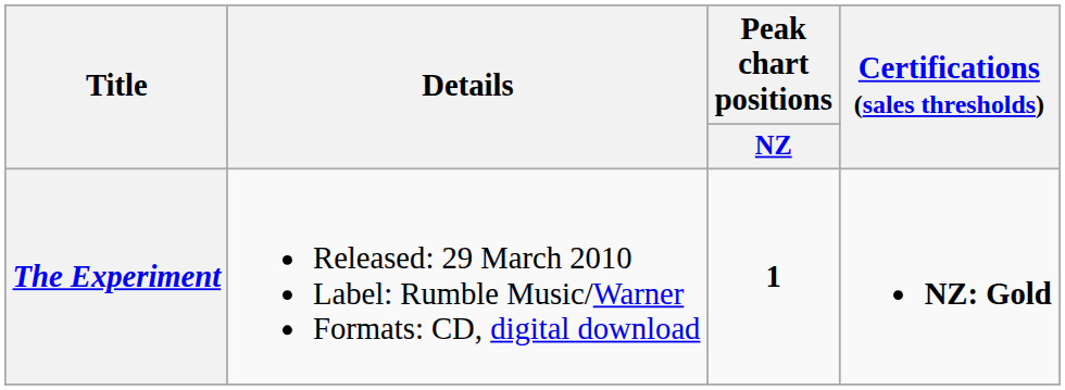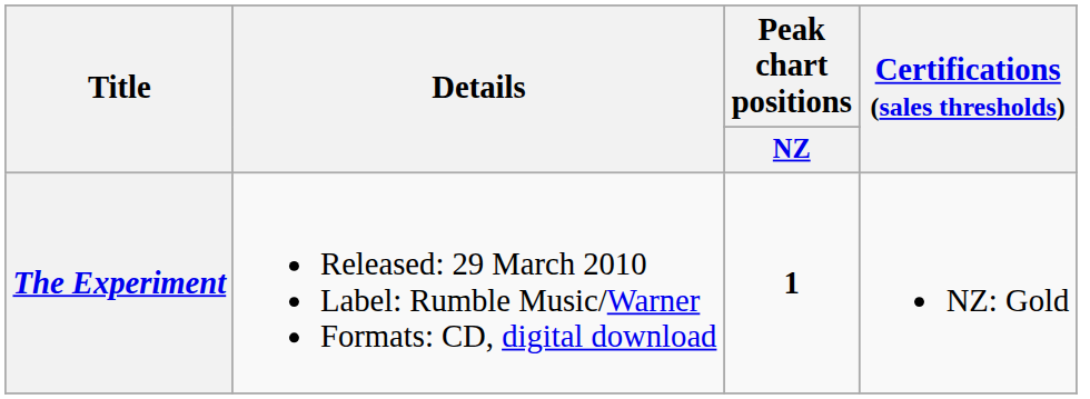 <table class="wikitable plainrowheaders">
 <tr>
 <th scope="col" rowspan="2">Title</th>
 <th scope="col" rowspan="2">Details</th>
 <th scope="col" rowspan="1">Peak chart positions</th>
 <th scope="col" rowspan="2"><a href='#'>Certifications</a><br><small>(<a href='#'>sales thresholds</a>)</small></th>
 </tr>
 <tr>
 <th scope="col" style="width:3em; font-size:85%"><a href='#'>NZ</a><br></th>
 </tr>
 <tr>
 <th scope="row"><em><a href='#'>The Experiment</a></em></th>
 <td><br><ul><li>Released: 29 March 2010</li><li>Label: Rumble Music/<a href='#'>Warner</a></li><li>Formats: CD, <a href='#'>digital download</a></li></ul></td>
 <td style="text-align:center;"><strong>1</strong></td>
-<td><strong><br><ul><li>NZ: Gold</li></ul></strong></td>
+<td><br><ul><li>NZ: Gold</li></ul></td>
 </tr>
 </table>
